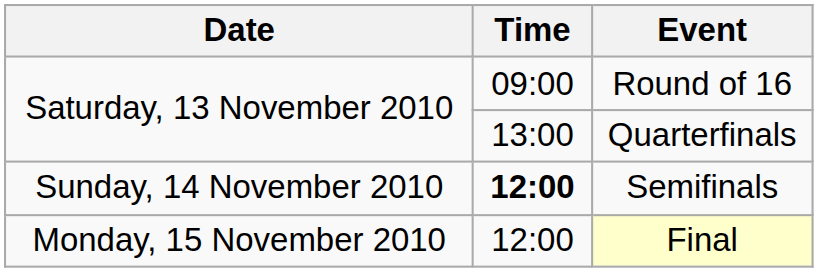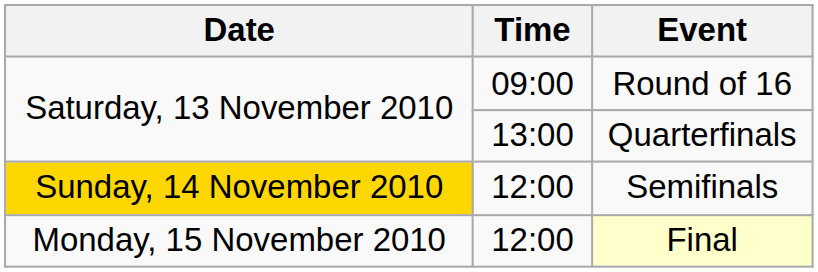 <table class = "wikitable" style="text-align:center;">
 <tr>
 <th width=220>Date</th>
 <th width=50>Time</th>
 <th width=100>Event</th>
 </tr>
 <tr>
 <td rowspan=2>Saturday, 13 November 2010</td>
 <td>09:00</td>
 <td>Round of 16</td>
 </tr>
 <tr>
 <td>13:00</td>
 <td>Quarterfinals</td>
 </tr>
 <tr>
-<td>Sunday, 14 November 2010</td>
-<td><strong>12:00</strong></td>
+<td style="background: gold;">Sunday, 14 November 2010</td>
+<td>12:00</td>
 <td>Semifinals</td>
 </tr>
 <tr>
 <td>Monday, 15 November 2010</td>
 <td>12:00</td>
 <td bgcolor=ffffcc>Final</td>
 </tr>
 </table>
